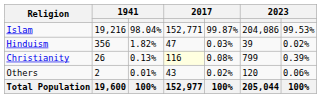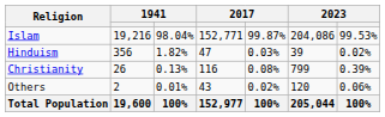 <table class="wikitable sortable">
 <tr>
 <th rowspan="2">Religion</th>
 <th colspan="2">1941</th>
 <th colspan="2">2017</th>
 <th colspan="2">2023</th>
 </tr>
 <tr>
 <th></th>
 <th></th>
 <th></th>
 <th></th>
 <th></th>
 <th></th>
 </tr>
 <tr>
 <td><a href='#'>Islam</a> </td>
 <td>19,216</td>
 <td>98.04%</td>
 <td>152,771</td>
 <td>99.87%</td>
 <td>204,086</td>
 <td>99.53%</td>
 </tr>
 <tr>
 <td><a href='#'>Hinduism</a> </td>
 <td>356</td>
 <td>1.82%</td>
 <td>47</td>
 <td>0.03%</td>
 <td>39</td>
 <td>0.02%</td>
 </tr>
 <tr>
 <td><a href='#'>Christianity</a> </td>
 <td>26</td>
 <td>0.13%</td>
-<td style="background: lightyellow;">116</td>
+<td>116</td>
 <td>0.08%</td>
 <td>799</td>
 <td>0.39%</td>
 </tr>
 <tr>
 <td>Others</td>
 <td>2</td>
 <td>0.01%</td>
 <td>43</td>
 <td>0.02%</td>
 <td>120</td>
 <td>0.06%</td>
 </tr>
 <tr>
 <th>Total Population</th>
 <th>19,600</th>
 <th>100%</th>
 <th>152,977</th>
 <th>100%</th>
 <th>205,044</th>
 <th>100%</th>
 </tr>
 </table>
